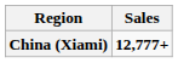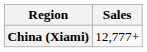 <table class="wikitable plainrowheaders">
 <tr>
 <th>Region</th>
 <th>Sales</th>
 </tr>
 <tr>
 <th scope="row">China (Xiami)</th>
-<td><strong>12,777+</strong></td>
+<td>12,777+</td>
 </tr>
 </table>
